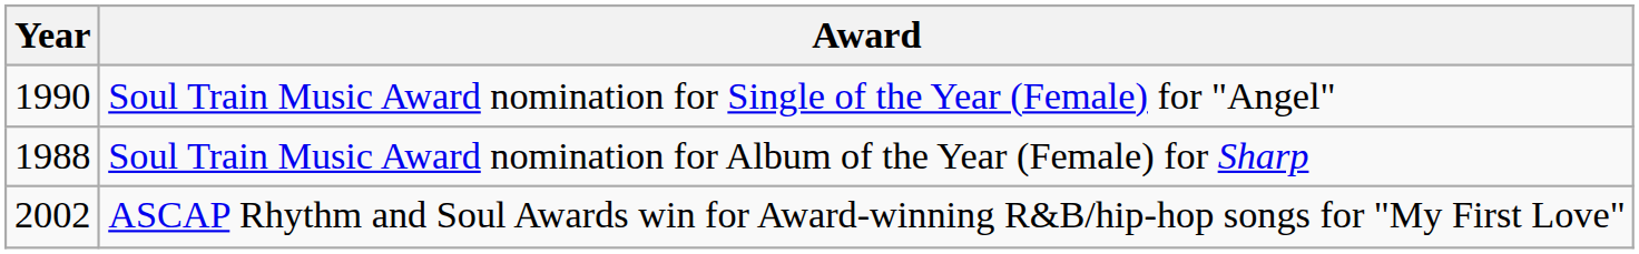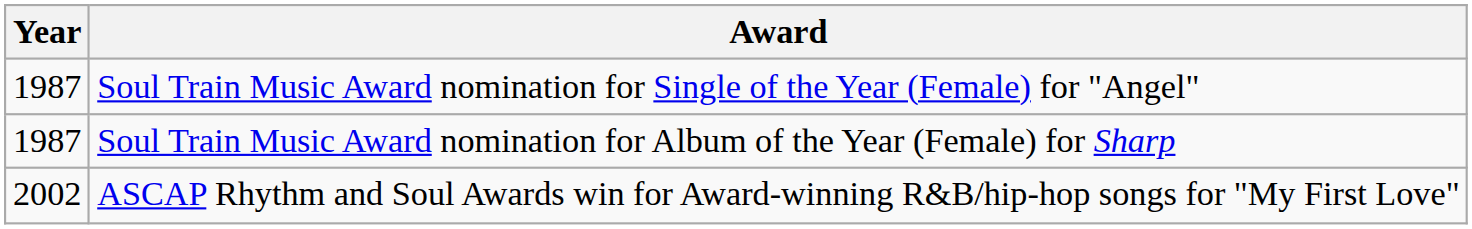 <table class="wikitable">
 <tr>
 <th>Year</th>
 <th>Award</th>
 </tr>
 <tr>
-<td>1990</td>
+<td>1987</td>
 <td><a href='#'>Soul Train Music Award</a> nomination for <a href='#'>Single of the Year (Female)</a> for "Angel"</td>
 </tr>
 <tr>
-<td>1988</td>
+<td>1987</td>
 <td><a href='#'>Soul Train Music Award</a> nomination for Album of the Year (Female) for <em><a href='#'>Sharp</a></em></td>
 </tr>
 <tr>
 <td>2002</td>
 <td><a href='#'>ASCAP</a> Rhythm and Soul Awards win for Award-winning R&B/hip-hop songs for "My First Love"</td>
 </tr>
 </table>
